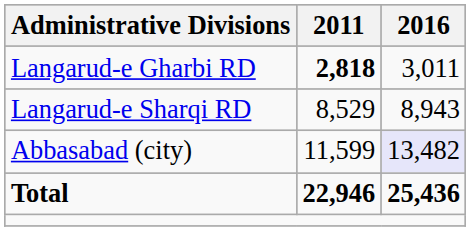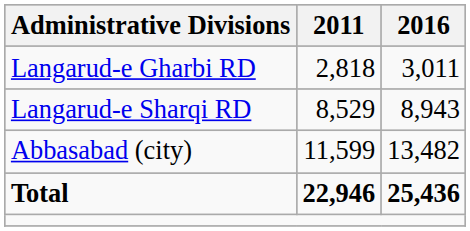 <table class="wikitable">
 <tr>
 <th>Administrative Divisions</th>
 <th>2011</th>
 <th>2016</th>
 </tr>
 <tr>
 <td><a href='#'>Langarud-e Gharbi RD</a></td>
-<td style="text-align: right;"><strong>2,818</strong></td>
+<td style="text-align: right;">2,818</td>
 <td style="text-align: right;">3,011</td>
 </tr>
 <tr>
 <td><a href='#'>Langarud-e Sharqi RD</a></td>
 <td style="text-align: right;">8,529</td>
 <td style="text-align: right;">8,943</td>
 </tr>
 <tr>
 <td><a href='#'>Abbasabad</a> (city)</td>
 <td style="text-align: right;">11,599</td>
-<td style="background: lavender; text-align: right;">13,482</td>
+<td style="text-align: right;">13,482</td>
 </tr>
 <tr>
 <td><strong>Total</strong></td>
 <td style="text-align: right;"><strong>22,946</strong></td>
 <td style="text-align: right;"><strong>25,436</strong></td>
 </tr>
 <tr>
 <td colspan=3></td>
 </tr>
 </table>
